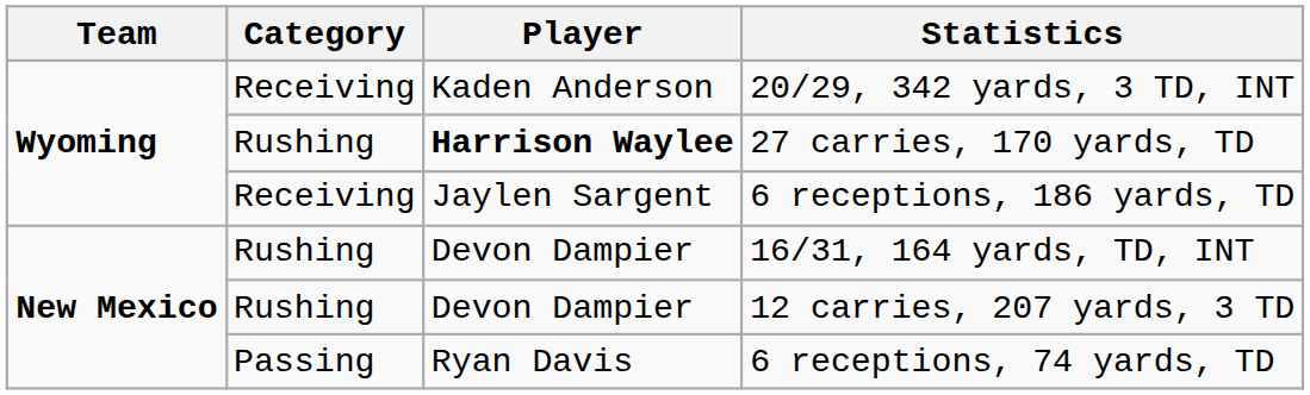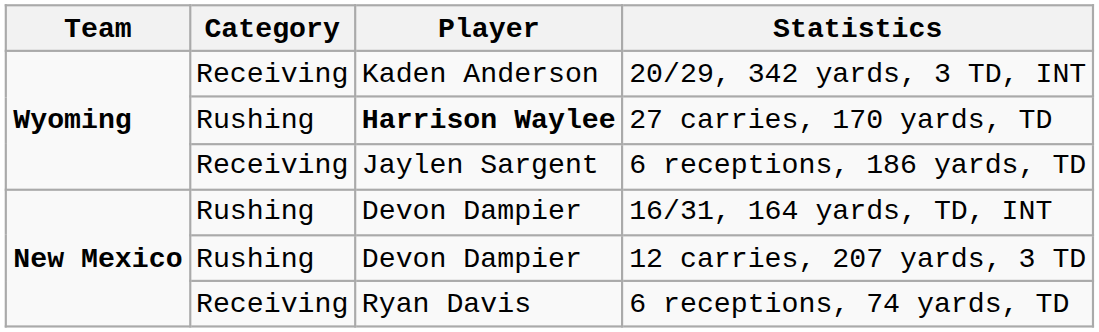 <table class="wikitable" style="float: right;">
 <tr>
 <th>Team</th>
 <th>Category</th>
 <th>Player</th>
 <th>Statistics</th>
 </tr>
 <tr>
 <td rowspan=3><strong>Wyoming</strong></td>
 <td>Receiving</td>
 <td>Kaden Anderson</td>
 <td>20/29, 342 yards, 3 TD, INT</td>
 </tr>
 <tr>
 <td>Rushing</td>
 <td><strong>Harrison Waylee</strong></td>
 <td>27 carries, 170 yards, TD</td>
 </tr>
 <tr>
 <td>Receiving</td>
 <td>Jaylen Sargent</td>
 <td>6 receptions, 186 yards, TD</td>
 </tr>
 <tr>
 <td rowspan=3><strong>New Mexico</strong></td>
 <td>Rushing</td>
 <td>Devon Dampier</td>
 <td>16/31, 164 yards, TD, INT</td>
 </tr>
 <tr>
 <td>Rushing</td>
 <td>Devon Dampier</td>
 <td>12 carries, 207 yards, 3 TD</td>
 </tr>
 <tr>
-<td>Passing</td>
+<td>Receiving</td>
 <td>Ryan Davis</td>
 <td>6 receptions, 74 yards, TD</td>
 </tr>
 </table>
